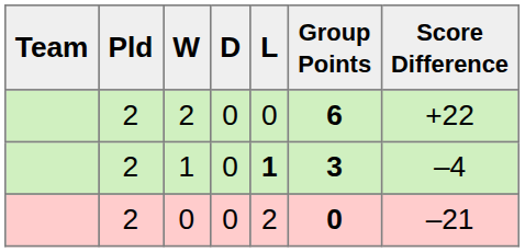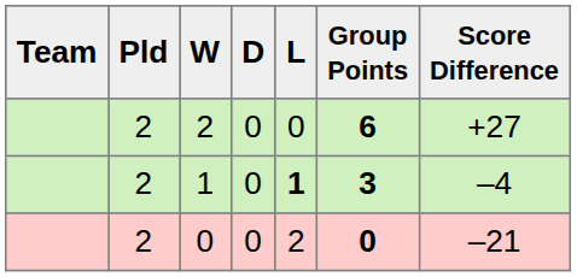 <table style=border-collapse:collapse border=1 cellspacing=0 cellpadding=5>
 <tr align=center bgcolor=#efefef>
 <th>Team</th>
 <th>Pld</th>
 <th>W</th>
 <th>D</th>
 <th>L</th>
 <th><small>Group<br>Points</small></th>
 <th><small>Score<br>Difference</small></th>
 </tr>
 <tr align=center style="background:#D0F0C0;">
 <td style="text-align:left;"> </td>
 <td>2</td>
 <td>2</td>
 <td>0</td>
 <td>0</td>
 <td><strong>6</strong></td>
-<td>+22</td>
+<td>+27</td>
 </tr>
 <tr align=center style="background:#D0F0C0;">
 <td style="text-align:left;"> </td>
 <td>2</td>
 <td>1</td>
 <td>0</td>
 <td><strong>1</strong></td>
 <td><strong>3</strong></td>
 <td>–4</td>
 </tr>
 <tr align=center style="background:#fcc;">
 <td style="text-align:left;"> </td>
 <td>2</td>
 <td>0</td>
 <td>0</td>
 <td>2</td>
 <td><strong>0</strong></td>
 <td>–21</td>
 </tr>
 </table>
